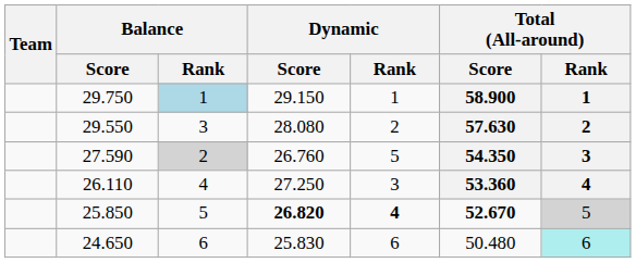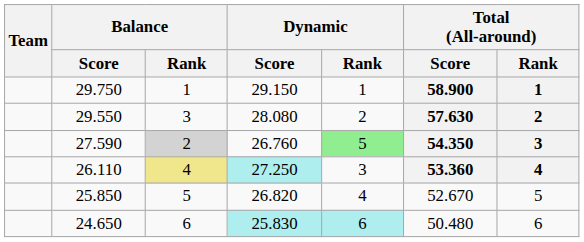 <table class="wikitable" style="text-align:center">
 <tr>
 <th rowspan=2>Team</th>
 <th style="width:10em" colspan=2>Balance</th>
 <th style="width:10em" colspan=2>Dynamic</th>
 <th style="width:10em" colspan=2>Total<br>(All-around)</th>
 </tr>
 <tr>
 <th>Score</th>
 <th>Rank</th>
 <th>Score</th>
 <th>Rank</th>
 <th>Score</th>
 <th>Rank</th>
 </tr>
 <tr>
 <td align="left"></td>
 <td>29.750</td>
-<td style="background: lightblue;">1</td>
+<td>1</td>
 <td>29.150</td>
 <td>1</td>
 <th>58.900</th>
 <th>1</th>
 </tr>
 <tr>
 <td align="left"></td>
 <td>29.550</td>
 <td>3</td>
 <td>28.080</td>
 <td>2</td>
 <th>57.630</th>
 <th>2</th>
 </tr>
 <tr>
 <td align="left"></td>
 <td>27.590</td>
 <td style="background: lightgrey;">2</td>
 <td>26.760</td>
-<td>5</td>
+<td style="background: lightgreen;">5</td>
 <th>54.350</th>
 <th>3</th>
 </tr>
 <tr>
 <td align="left"></td>
 <td>26.110</td>
-<td>4</td>
-<td>27.250</td>
+<td style="background: khaki;">4</td>
+<td style="background: paleturquoise;">27.250</td>
 <td>3</td>
 <th>53.360</th>
 <th>4</th>
 </tr>
 <tr>
 <td align="left"></td>
 <td>25.850</td>
 <td>5</td>
-<td><strong>26.820</strong></td>
-<td><strong>4</strong></td>
-<td><strong>52.670</strong></td>
-<td style="background: lightgrey;">5</td>
+<td>26.820</td>
+<td>4</td>
+<td>52.670</td>
+<td>5</td>
 </tr>
 <tr>
 <td align="left"></td>
 <td>24.650</td>
 <td>6</td>
-<td>25.830</td>
+<td style="background: paleturquoise;">25.830</td>
+<td style="background: paleturquoise;">6</td>
+<td>50.480</td>
 <td>6</td>
-<td>50.480</td>
-<td style="background: paleturquoise;">6</td>
 </tr>
 </table>
